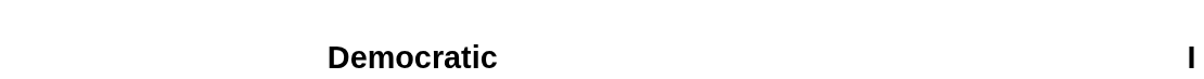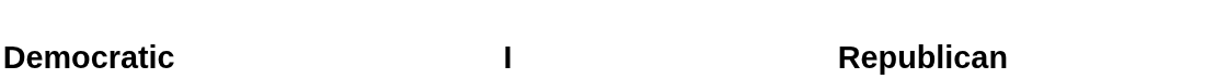 <table style="width:50em; text-align:center">
 <tr style="color:white">
 <td style="background:"><strong>46</strong></td>
 <td style="background:"><strong>1</strong></td>
+<td style="background:"><strong>53</strong></td>
 </tr>
 <tr>
 <td><span><strong>Democratic</strong></span></td>
 <td><strong>I</strong></td>
+<td><span><strong>Republican</strong></span></td>
 </tr>
 </table>
